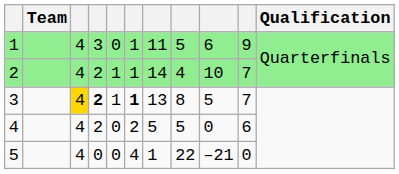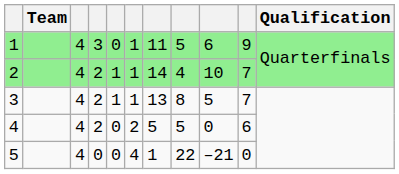 <table class="wikitable">
 <tr>
 <th></th>
 <th>Team</th>
 <th></th>
 <th></th>
 <th></th>
 <th></th>
 <th></th>
 <th></th>
 <th></th>
 <th></th>
 <th>Qualification</th>
 </tr>
 <tr bgcolor=lightgreen>
 <td>1</td>
 <td></td>
 <td>4</td>
 <td>3</td>
 <td>0</td>
 <td>1</td>
 <td>11</td>
 <td>5</td>
 <td>6</td>
 <td>9</td>
 <td rowspan=2>Quarterfinals</td>
 </tr>
 <tr bgcolor=lightgreen>
 <td>2</td>
 <td></td>
 <td>4</td>
 <td>2</td>
 <td>1</td>
 <td>1</td>
 <td>14</td>
 <td>4</td>
 <td>10</td>
 <td>7</td>
 </tr>
 <tr>
 <td>3</td>
 <td></td>
-<td style="background: gold;">4</td>
-<td><strong>2</strong></td>
+<td>4</td>
+<td>2</td>
 <td>1</td>
-<td><strong>1</strong></td>
+<td>1</td>
 <td>13</td>
 <td>8</td>
 <td>5</td>
 <td>7</td>
 </tr>
 <tr>
 <td>4</td>
 <td></td>
 <td>4</td>
 <td>2</td>
 <td>0</td>
 <td>2</td>
 <td>5</td>
 <td>5</td>
 <td>0</td>
 <td>6</td>
 </tr>
 <tr>
 <td>5</td>
 <td></td>
 <td>4</td>
 <td>0</td>
 <td>0</td>
 <td>4</td>
 <td>1</td>
 <td>22</td>
 <td>–21</td>
 <td>0</td>
 </tr>
 </table>
